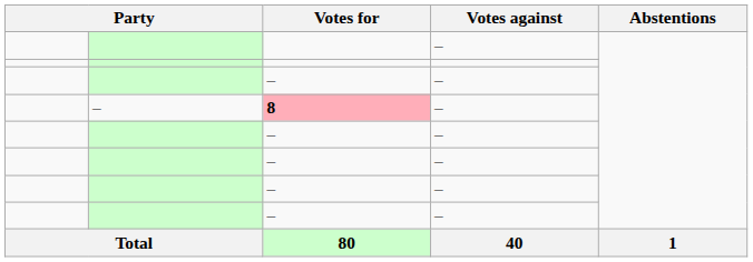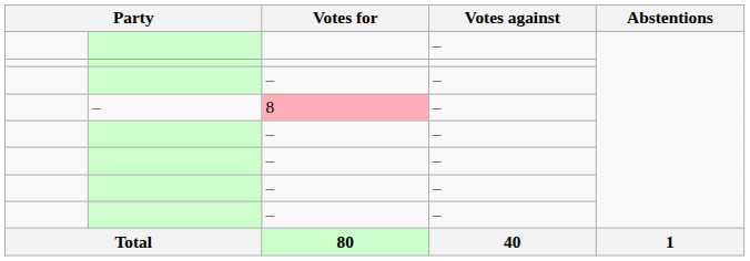 <table class="wikitable" style="width:55%">
 <tr>
 <th style="width:20%;" colspan="2">Party</th>
 <th style="width:13%;">Votes for</th>
 <th style="width:13%;">Votes against</th>
 <th style="width:10%;">Abstentions</th>
 </tr>
 <tr>
 <td></td>
 <td style="background-color:#CCFFCC;"></td>
 <td></td>
 <td>–</td>
 </tr>
 <tr>
 <td></td>
 <td style="background-color:#CCFFCC;"></td>
 <td></td>
 <td></td>
 </tr>
 <tr>
 <td></td>
 <td style="background-color:#CCFFCC;"></td>
 <td>–</td>
 <td>–</td>
 </tr>
 <tr>
 <td></td>
 <td>–</td>
-<td style="background-color:#FFAEB9;"><strong>8 </strong></td>
+<td style="background-color:#FFAEB9;">8 </td>
 <td>–</td>
 </tr>
 <tr>
 <td></td>
 <td style="background-color:#CCFFCC;"></td>
 <td>–</td>
 <td>–</td>
 </tr>
 <tr>
 <td></td>
 <td style="background-color:#CCFFCC;"></td>
 <td>–</td>
 <td>–</td>
 </tr>
 <tr>
 <td></td>
 <td style="background-color:#CCFFCC;"></td>
 <td>–</td>
 <td>–</td>
 </tr>
 <tr>
 <td></td>
 <td style="background-color:#CCFFCC;"></td>
 <td>–</td>
 <td>–</td>
 </tr>
 <tr>
 <th colspan=2>Total</th>
 <th style="background-color:#CCFFCC;">80</th>
 <th>40</th>
 <th>1</th>
 </tr>
 </table>
